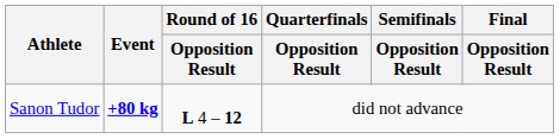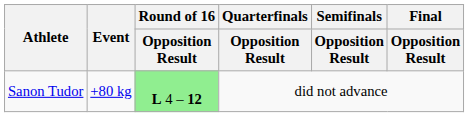 <table class="wikitable" style="font-size:90%">
 <tr>
 <th rowspan=2>Athlete</th>
 <th rowspan=2>Event</th>
 <th>Round of 16</th>
 <th>Quarterfinals</th>
 <th>Semifinals</th>
 <th>Final</th>
 </tr>
 <tr>
 <th>Opposition<br>Result</th>
 <th>Opposition<br>Result</th>
 <th>Opposition<br>Result</th>
 <th>Opposition<br>Result</th>
 </tr>
 <tr>
 <td><a href='#'>Sanon Tudor</a></td>
-<td><strong><a href='#'>+80 kg</a></strong></td>
-<td align=center><br><strong>L</strong> 4 – <strong>12</strong></td>
+<td><a href='#'>+80 kg</a></td>
+<td align=center style="background: lightgreen;"><br><strong>L</strong> 4 – <strong>12</strong></td>
 <td align=center colspan="7">did not advance</td>
 </tr>
 </table>
